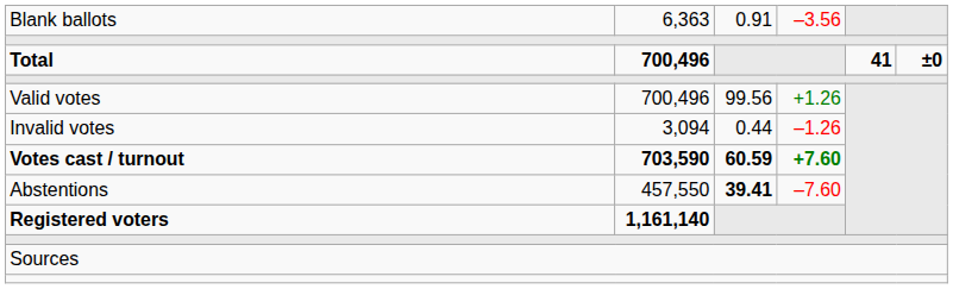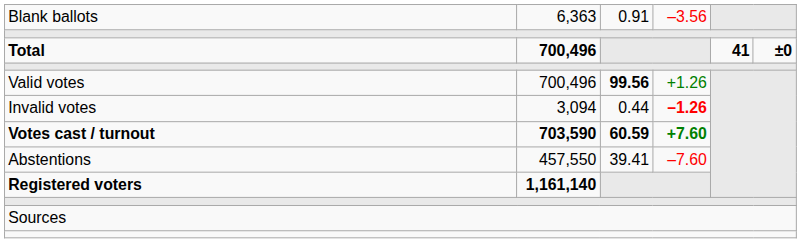 <table class="wikitable" style="text-align:right; font-size:98%; margin-top:-1px">
 <tr>
 <td align="left" width="500">Blank ballots</td>
 <td width="75">6,363</td>
 <td width="45">0.91</td>
 <td width="50" style="color:red;">–3.56</td>
 <td bgcolor="#E9E9E9" colspan="2"></td>
 </tr>
 <tr>
 <td colspan="6" bgcolor="#E9E9E9"></td>
 </tr>
 <tr style="font-weight:bold;">
 <td align="left">Total</td>
 <td>700,496</td>
 <td bgcolor="#E9E9E9" colspan="2"></td>
 <td width="35">41</td>
 <td width="35">±0</td>
 </tr>
 <tr>
 <td colspan="6" bgcolor="#E9E9E9"></td>
 </tr>
 <tr>
 <td align="left">Valid votes</td>
 <td>700,496</td>
-<td>99.56</td>
+<td><strong>99.56</strong></td>
 <td style="color:green;">+1.26</td>
 <td bgcolor="#E9E9E9" colspan="2" rowspan="5"></td>
 </tr>
 <tr>
 <td align="left">Invalid votes</td>
 <td>3,094</td>
 <td>0.44</td>
-<td style="color:red;">–1.26</td>
+<td style="color:red;"><strong>–1.26</strong></td>
 </tr>
 <tr style="font-weight:bold;">
 <td align="left">Votes cast / turnout</td>
 <td>703,590</td>
 <td>60.59</td>
 <td style="color:green;">+7.60</td>
 </tr>
 <tr>
 <td align="left">Abstentions</td>
 <td>457,550</td>
-<td><strong>39.41</strong></td>
+<td>39.41</td>
 <td style="color:red;">–7.60</td>
 </tr>
 <tr style="font-weight:bold;">
 <td align="left">Registered voters</td>
 <td>1,161,140</td>
 <td bgcolor="#E9E9E9" colspan="2"></td>
 </tr>
 <tr>
 <td colspan="6" bgcolor="#E9E9E9"></td>
 </tr>
 <tr>
 <td align="left" colspan="6">Sources</td>
 </tr>
 <tr>
 <td colspan="6" style="text-align:left;font-size:95%;max-width:790px;"></td>
 </tr>
 </table>
